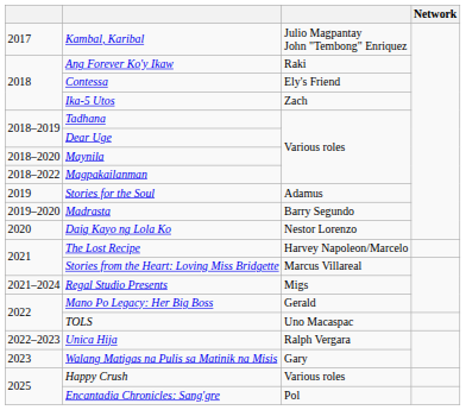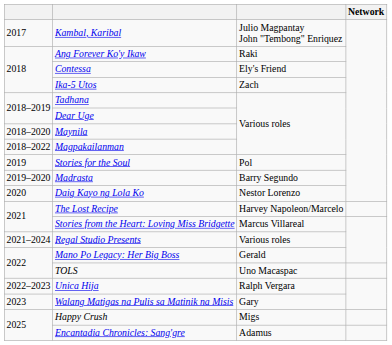 <table class="wikitable" style="font-size:100%">
 <tr>
 <th></th>
 <th></th>
 <th></th>
 <th>Network</th>
 </tr>
 <tr>
 <td>2017</td>
 <td><em><a href='#'>Kambal, Karibal</a></em></td>
 <td>Julio Magpantay <br> John "Tembong" Enriquez</td>
 <td rowspan="11"></td>
 </tr>
 <tr>
 <td rowspan="3">2018</td>
 <td><em><a href='#'>Ang Forever Ko'y Ikaw</a></em></td>
 <td>Raki</td>
 </tr>
 <tr>
 <td><em><a href='#'>Contessa</a></em></td>
 <td>Ely's Friend</td>
 </tr>
 <tr>
 <td><em><a href='#'>Ika-5 Utos</a></em></td>
 <td>Zach</td>
 </tr>
 <tr>
 <td rowspan="2">2018–2019</td>
 <td><em><a href='#'>Tadhana</a></em></td>
 <td rowspan="4">Various roles</td>
 </tr>
 <tr>
 <td><em><a href='#'>Dear Uge</a></em></td>
 </tr>
 <tr>
 <td>2018–2020</td>
 <td><em><a href='#'>Maynila</a></em></td>
 </tr>
 <tr>
 <td>2018–2022</td>
 <td><em><a href='#'>Magpakailanman</a></em></td>
 </tr>
 <tr>
 <td>2019</td>
 <td><em><a href='#'>Stories for the Soul</a></em></td>
-<td>Adamus</td>
+<td>Pol</td>
 </tr>
 <tr>
 <td>2019–2020</td>
 <td><em><a href='#'>Madrasta</a></em></td>
 <td>Barry Segundo</td>
 </tr>
 <tr>
 <td>2020</td>
 <td><em><a href='#'>Daig Kayo ng Lola Ko</a></em></td>
 <td>Nestor Lorenzo</td>
 </tr>
 <tr>
 <td rowspan="2">2021</td>
 <td><em><a href='#'>The Lost Recipe</a></em></td>
 <td>Harvey Napoleon/Marcelo</td>
 <td></td>
 </tr>
 <tr>
 <td><em><a href='#'>Stories from the Heart: Loving Miss Bridgette</a></em></td>
 <td>Marcus Villareal</td>
 <td rowspan="3"></td>
 </tr>
 <tr>
 <td>2021–2024</td>
 <td><em><a href='#'>Regal Studio Presents</a></em></td>
-<td>Migs</td>
+<td>Various roles</td>
 </tr>
 <tr>
 <td rowspan="2">2022</td>
 <td><em><a href='#'>Mano Po Legacy: Her Big Boss</a></em></td>
 <td>Gerald</td>
 </tr>
 <tr>
 <td><em>TOLS</em></td>
 <td>Uno Macaspac</td>
 <td></td>
 </tr>
 <tr>
 <td>2022–2023</td>
 <td><em><a href='#'>Unica Hija</a></em></td>
 <td>Ralph Vergara</td>
 <td rowspan="2"></td>
 </tr>
 <tr>
 <td>2023</td>
 <td><a href='#'><em>Walang Matigas na Pulis sa Matinik na Misis</em></a></td>
 <td>Gary</td>
 </tr>
 <tr>
 <td rowspan="2">2025</td>
 <td><em>Happy Crush</em></td>
-<td>Various roles</td>
+<td>Migs</td>
 <td></td>
 </tr>
 <tr>
 <td><em><a href='#'>Encantadia Chronicles: Sang'gre</a></em></td>
-<td>Pol</td>
+<td>Adamus</td>
 <td></td>
 </tr>
 </table>
